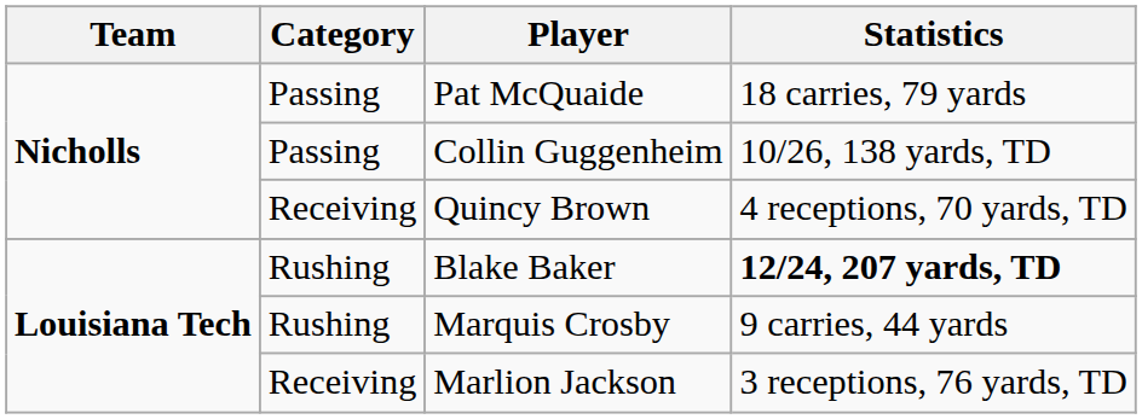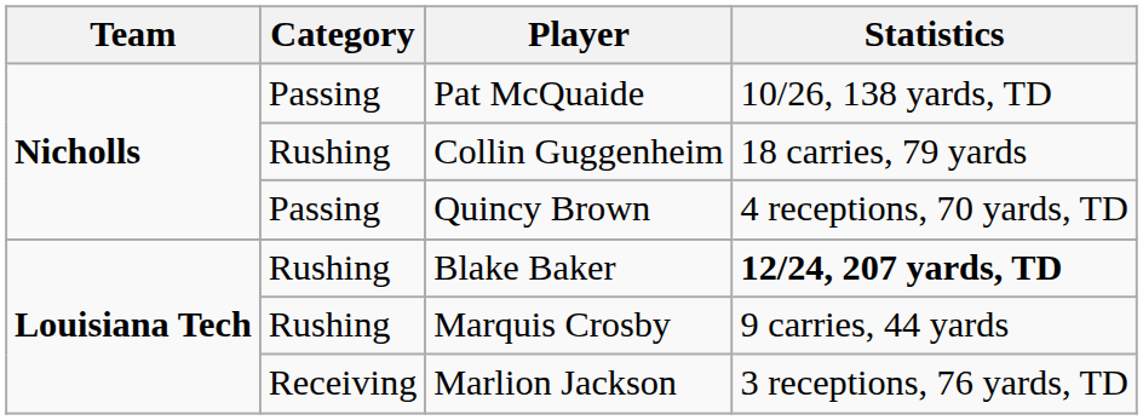 <table class="wikitable" style="float: right;">
 <tr>
 <th>Team</th>
 <th>Category</th>
 <th>Player</th>
 <th>Statistics</th>
 </tr>
 <tr>
 <td rowspan=3><strong>Nicholls</strong></td>
 <td>Passing</td>
 <td>Pat McQuaide</td>
+<td>10/26, 138 yards, TD</td>
+</tr>
+<tr>
+<td>Rushing</td>
+<td>Collin Guggenheim</td>
 <td>18 carries, 79 yards</td>
 </tr>
 <tr>
 <td>Passing</td>
-<td>Collin Guggenheim</td>
-<td>10/26, 138 yards, TD</td>
-</tr>
-<tr>
-<td>Receiving</td>
 <td>Quincy Brown</td>
 <td>4 receptions, 70 yards, TD</td>
 </tr>
 <tr>
 <td rowspan=3><strong>Louisiana Tech</strong></td>
 <td>Rushing</td>
 <td>Blake Baker</td>
 <td><strong>12/24, 207 yards, TD</strong></td>
 </tr>
 <tr>
 <td>Rushing</td>
 <td>Marquis Crosby</td>
 <td>9 carries, 44 yards</td>
 </tr>
 <tr>
 <td>Receiving</td>
 <td>Marlion Jackson</td>
 <td>3 receptions, 76 yards, TD</td>
 </tr>
 </table>
